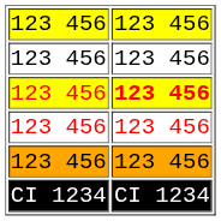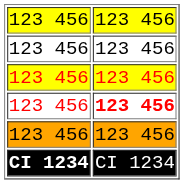 <table border="1" style="margin:1em auto;">
 <tr size="40"  style="text-align:center; color:black; font-size:14pt; background:yellow;">
 <td>123 456</td>
 <td>123 456</td>
 </tr>
 <tr style="text-align:center; color:black; font-size:14pt; background:white;">
 <td>123 456</td>
 <td>123 456</td>
 </tr>
 <tr style="text-align:center; color:red; font-size:14pt; background:yellow;">
 <td>123 456</td>
-<td><strong>123 456</strong></td>
+<td>123 456</td>
 </tr>
 <tr style="text-align:center; color:red; font-size:14pt; background:white;">
 <td>123 456</td>
-<td>123 456</td>
+<td><strong>123 456</strong></td>
 </tr>
 <tr style="text-align:center; color:black; font-size:14pt; background:orange;">
 <td>123 456</td>
 <td>123 456</td>
 </tr>
 <tr style="text-align:center; color:white; font-size:14pt; background:black;">
-<td>CI 1234</td>
+<td><strong>CI 1234</strong></td>
 <td>CI 1234</td>
 </tr>
 </table>
